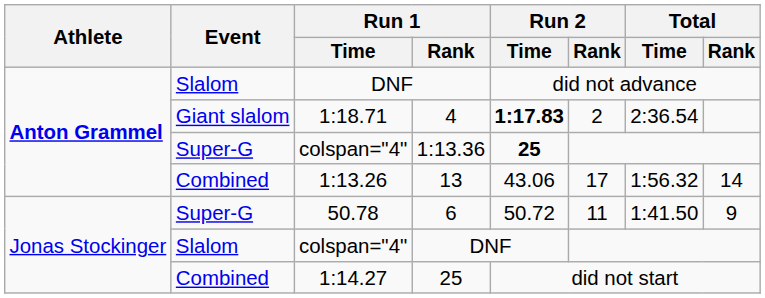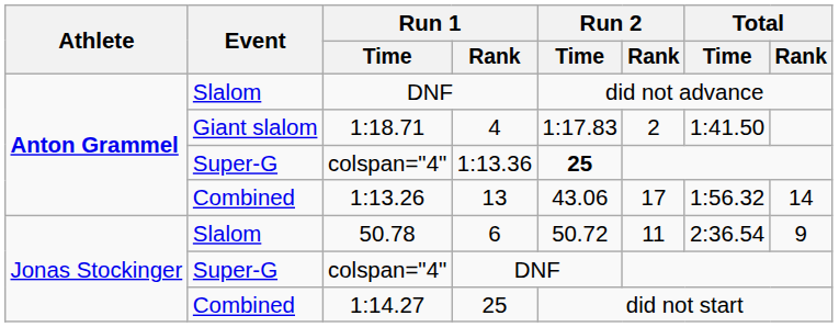 <table class="wikitable" style="font-size:90%">
 <tr>
 <th rowspan=2>Athlete</th>
 <th rowspan=2>Event</th>
 <th colspan=2>Run 1</th>
 <th colspan=2>Run 2</th>
 <th colspan=2>Total</th>
 </tr>
 <tr style="font-size:95%">
 <th>Time</th>
 <th>Rank</th>
 <th>Time</th>
 <th>Rank</th>
 <th>Time</th>
 <th>Rank</th>
 </tr>
 <tr align=center>
 <td align="left" rowspan="4"><strong><a href='#'>Anton Grammel</a></strong></td>
 <td align="left"><a href='#'>Slalom</a></td>
 <td colspan=2>DNF</td>
 <td colspan=4>did not advance</td>
 </tr>
 <tr align=center>
 <td align="left"><a href='#'>Giant slalom</a></td>
 <td>1:18.71</td>
 <td>4</td>
-<td><strong>1:17.83</strong></td>
+<td>1:17.83</td>
 <td>2</td>
-<td>2:36.54</td>
+<td>1:41.50</td>
 <td></td>
 </tr>
 <tr align=center>
 <td align="left"><a href='#'>Super-G</a></td>
 <td>colspan="4" </td>
 <td>1:13.36</td>
 <td><strong>25</strong></td>
 </tr>
 <tr align=center>
 <td align="left"><a href='#'>Combined</a></td>
 <td>1:13.26</td>
 <td>13</td>
 <td>43.06</td>
 <td>17</td>
 <td>1:56.32</td>
 <td>14</td>
 </tr>
 <tr align=center>
 <td align="left" rowspan="3"><a href='#'>Jonas Stockinger</a></td>
-<td align="left"><a href='#'>Super-G</a></td>
+<td align="left"><a href='#'>Slalom</a></td>
 <td>50.78</td>
 <td>6</td>
 <td>50.72</td>
 <td>11</td>
-<td>1:41.50</td>
+<td>2:36.54</td>
 <td>9</td>
 </tr>
 <tr align=center>
-<td align="left"><a href='#'>Slalom</a></td>
+<td align="left"><a href='#'>Super-G</a></td>
 <td>colspan="4" </td>
 <td colspan=2>DNF</td>
 </tr>
 <tr align=center>
 <td align="left"><a href='#'>Combined</a></td>
 <td>1:14.27</td>
 <td>25</td>
 <td colspan=4>did not start</td>
 </tr>
 </table>
